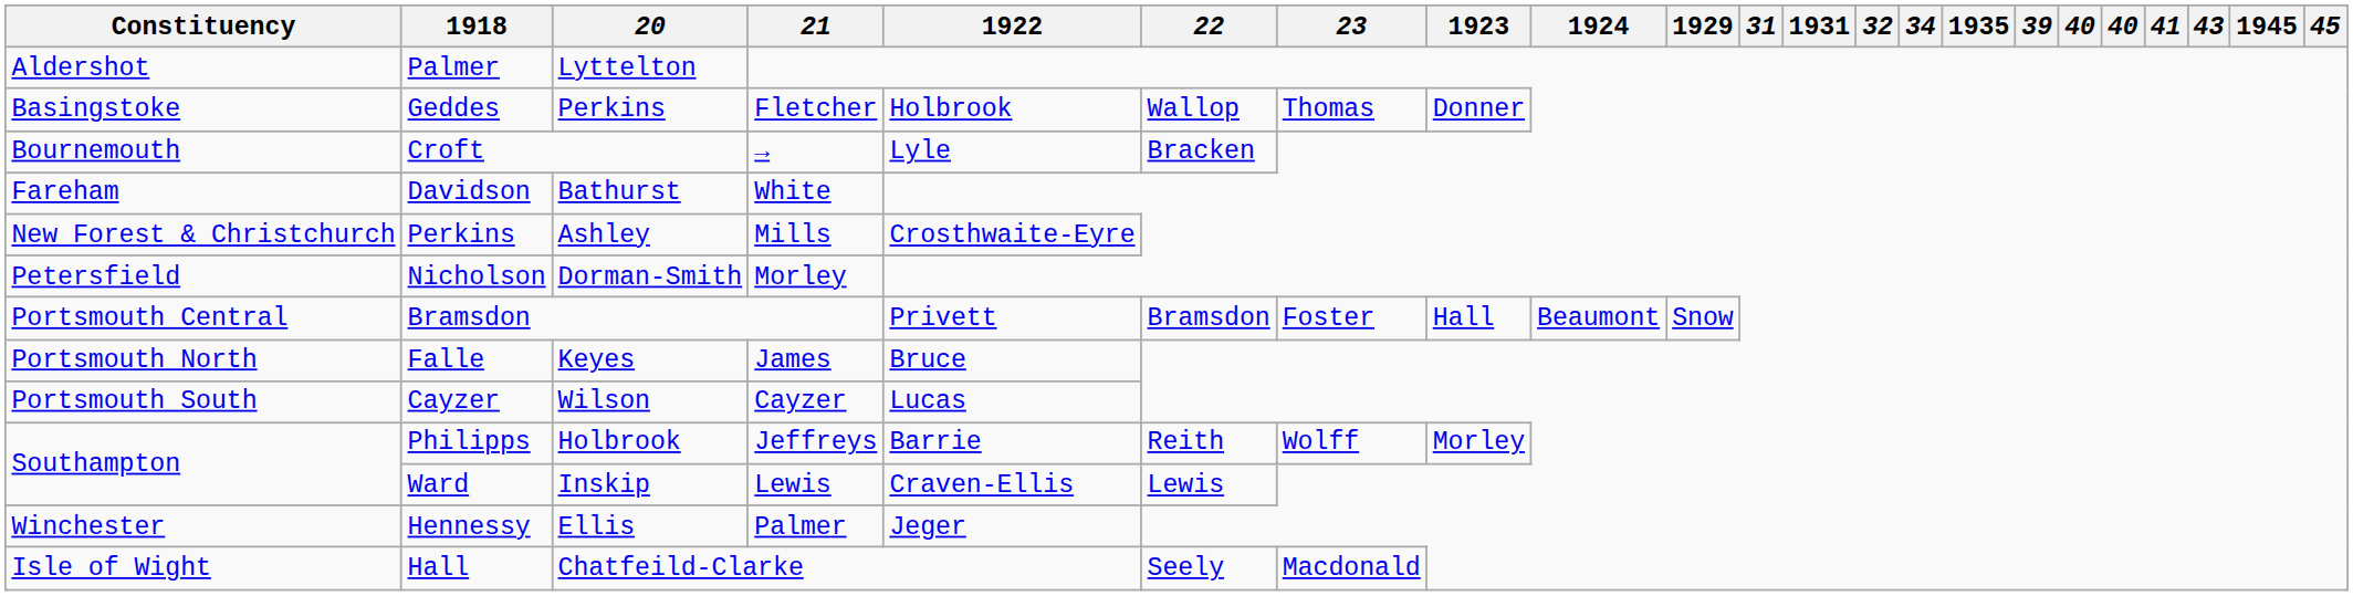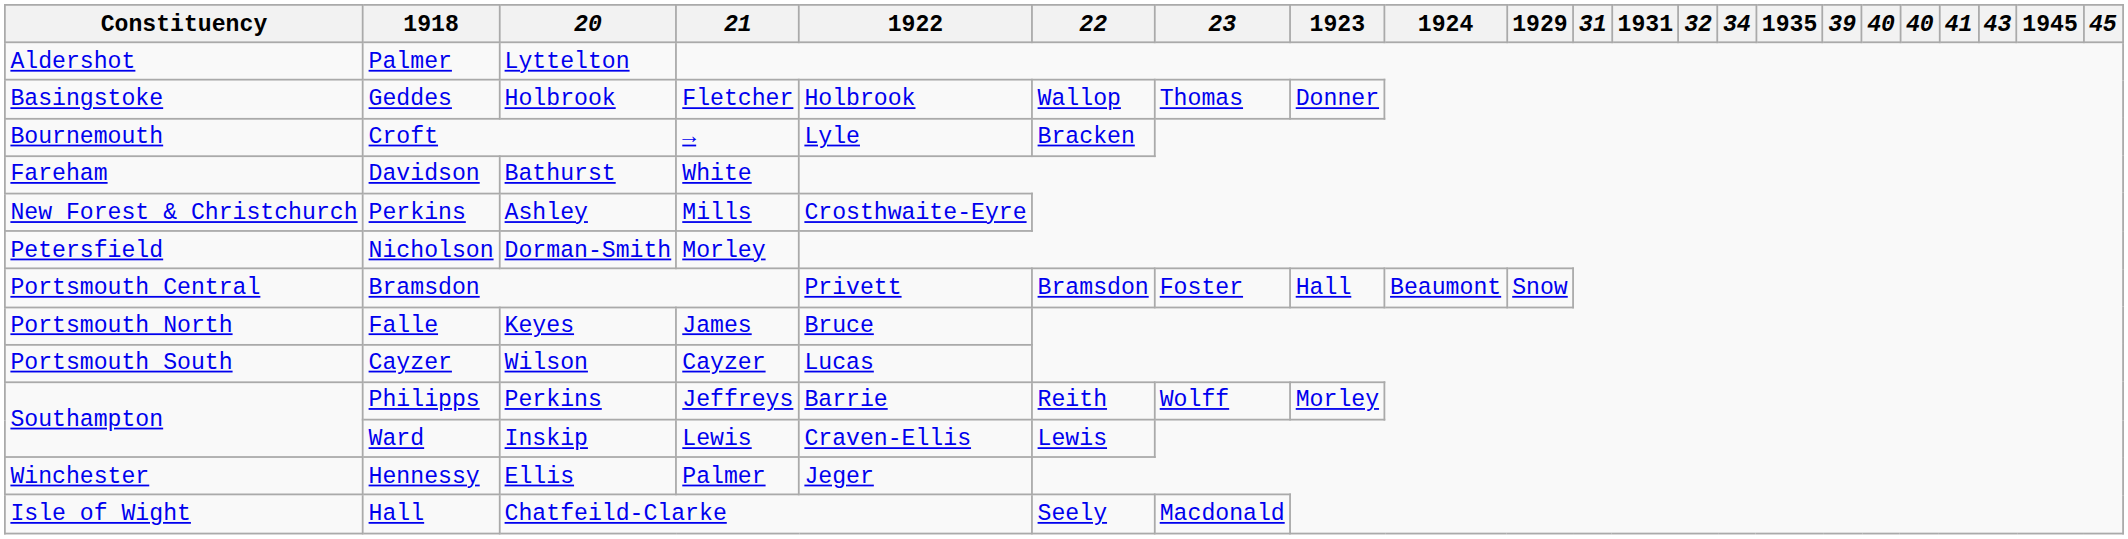 <table class="wikitable">
 <tr>
 <th>Constituency</th>
 <th>1918</th>
 <th><em>20</em></th>
 <th><em>21</em></th>
 <th>1922</th>
 <th><em>22</em></th>
 <th><em>23</em></th>
 <th>1923</th>
 <th>1924</th>
 <th>1929</th>
 <th><em>31</em></th>
 <th>1931</th>
 <th><em>32</em></th>
 <th><em>34</em></th>
 <th>1935</th>
 <th><em>39</em></th>
 <th><em>40</em></th>
 <th><em>40</em></th>
 <th><em>41</em></th>
 <th><em>43</em></th>
 <th>1945</th>
 <th><em>45</em></th>
 </tr>
 <tr>
 <td><a href='#'>Aldershot</a></td>
 <td><a href='#'>Palmer</a></td>
 <td><a href='#'>Lyttelton</a></td>
 </tr>
 <tr>
 <td><a href='#'>Basingstoke</a></td>
 <td><a href='#'>Geddes</a></td>
-<td><a href='#'>Perkins</a></td>
+<td><a href='#'>Holbrook</a></td>
 <td><a href='#'>Fletcher</a></td>
 <td><a href='#'>Holbrook</a></td>
 <td><a href='#'>Wallop</a></td>
 <td><a href='#'>Thomas</a></td>
 <td><a href='#'>Donner</a></td>
 </tr>
 <tr>
 <td><a href='#'>Bournemouth</a></td>
 <td colspan="2"><a href='#'>Croft</a></td>
 <td><a href='#'>→</a></td>
 <td><a href='#'>Lyle</a></td>
 <td><a href='#'>Bracken</a></td>
 </tr>
 <tr>
 <td><a href='#'>Fareham</a></td>
 <td><a href='#'>Davidson</a></td>
 <td><a href='#'>Bathurst</a></td>
 <td><a href='#'>White</a></td>
 </tr>
 <tr>
 <td><a href='#'>New Forest & Christchurch</a></td>
 <td><a href='#'>Perkins</a></td>
 <td><a href='#'>Ashley</a></td>
 <td><a href='#'>Mills</a></td>
 <td><a href='#'>Crosthwaite-Eyre</a></td>
 </tr>
 <tr>
 <td><a href='#'>Petersfield</a></td>
 <td><a href='#'>Nicholson</a></td>
 <td><a href='#'>Dorman-Smith</a></td>
 <td><a href='#'>Morley</a></td>
 </tr>
 <tr>
 <td><a href='#'>Portsmouth Central</a></td>
 <td colspan="3"><a href='#'>Bramsdon</a></td>
 <td><a href='#'>Privett</a></td>
 <td><a href='#'>Bramsdon</a></td>
 <td><a href='#'>Foster</a></td>
 <td><a href='#'>Hall</a></td>
 <td><a href='#'>Beaumont</a></td>
 <td><a href='#'>Snow</a></td>
 </tr>
 <tr>
 <td><a href='#'>Portsmouth North</a></td>
 <td><a href='#'>Falle</a></td>
 <td><a href='#'>Keyes</a></td>
 <td><a href='#'>James</a></td>
 <td><a href='#'>Bruce</a></td>
 </tr>
 <tr>
 <td><a href='#'>Portsmouth South</a></td>
 <td><a href='#'>Cayzer</a></td>
 <td><a href='#'>Wilson</a></td>
 <td><a href='#'>Cayzer</a></td>
 <td><a href='#'>Lucas</a></td>
 </tr>
 <tr>
 <td rowspan="2"><a href='#'>Southampton</a></td>
 <td><a href='#'>Philipps</a></td>
-<td><a href='#'>Holbrook</a></td>
+<td><a href='#'>Perkins</a></td>
 <td><a href='#'>Jeffreys</a></td>
 <td><a href='#'>Barrie</a></td>
 <td><a href='#'>Reith</a></td>
 <td><a href='#'>Wolff</a></td>
 <td><a href='#'>Morley</a></td>
 </tr>
 <tr>
 <td><a href='#'>Ward</a></td>
 <td><a href='#'>Inskip</a></td>
 <td><a href='#'>Lewis</a></td>
 <td><a href='#'>Craven-Ellis</a></td>
 <td><a href='#'>Lewis</a></td>
 </tr>
 <tr>
 <td><a href='#'>Winchester</a></td>
 <td><a href='#'>Hennessy</a></td>
 <td><a href='#'>Ellis</a></td>
 <td><a href='#'>Palmer</a></td>
 <td><a href='#'>Jeger</a></td>
 </tr>
 <tr>
 <td><a href='#'>Isle of Wight</a></td>
 <td><a href='#'>Hall</a></td>
 <td colspan="3"><a href='#'>Chatfeild-Clarke</a></td>
 <td><a href='#'>Seely</a></td>
 <td><a href='#'>Macdonald</a></td>
 </tr>
 </table>
